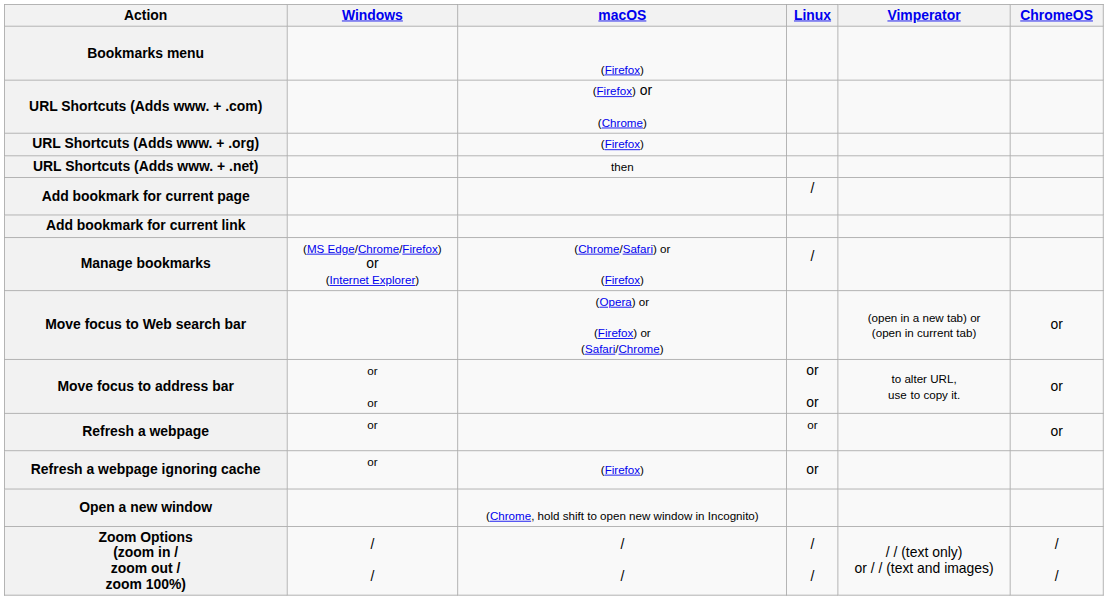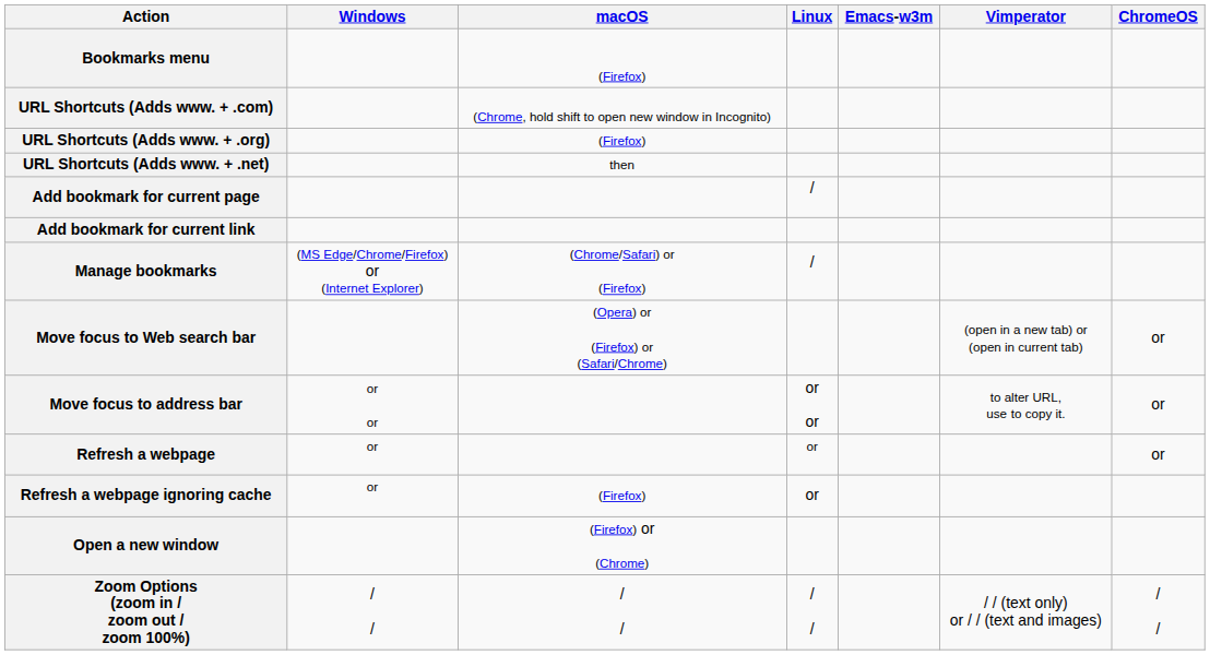 <table class="wikitable" style="width: 100%; text-align: center;">
 <tr>
 <th scope="col">Action</th>
 <th scope="col"><a href='#'>Windows</a></th>
 <th scope="col"><a href='#'>macOS</a></th>
 <th scope="col"><a href='#'>Linux</a></th>
+<th scope="col"><a href='#'>Emacs</a>-<a href='#'>w3m</a></th>
 <th scope="col"><a href='#'>Vimperator</a></th>
 <th scope="col"><a href='#'>ChromeOS</a></th>
 </tr>
 <tr>
 <th scope="row">Bookmarks menu</th>
 <td></td>
 <td><br><br><small>(<a href='#'>Firefox</a>)</small></td>
 <td></td>
 <td></td>
 <td></td>
+<td></td>
 </tr>
 <tr>
 <th scope="row">URL Shortcuts (Adds www. + .com)</th>
 <td></td>
-<td> <small>(<a href='#'>Firefox</a>)</small> or <br><br> <small>(<a href='#'>Chrome</a>)</small></td>
+<td><br> <small>(<a href='#'>Chrome</a>, hold shift to open new window in Incognito)</small></td>
+<td></td>
 <td></td>
 <td></td>
 <td></td>
 </tr>
 <tr>
 <th scope="row">URL Shortcuts (Adds www. + .org)</th>
 <td></td>
 <td><small></small> <small>(<a href='#'>Firefox</a>)</small></td>
 <td><small></small></td>
 <td></td>
 <td></td>
+<td></td>
 </tr>
 <tr>
 <th scope="row">URL Shortcuts (Adds www. + .net)</th>
 <td></td>
 <td><small> then </small></td>
+<td></td>
 <td></td>
 <td></td>
 <td></td>
 </tr>
 <tr>
 <th scope="row">Add bookmark for current page</th>
 <td></td>
 <td></td>
 <td> /<br><br></td>
 <td></td>
 <td></td>
+<td></td>
 </tr>
 <tr>
 <th scope="row">Add bookmark for current link</th>
+<td></td>
 <td></td>
 <td></td>
 <td></td>
 <td></td>
 <td></td>
 </tr>
 <tr>
 <th scope="row">Manage bookmarks</th>
 <td> <small>(<a href='#'>MS Edge</a>/<a href='#'>Chrome</a>/<a href='#'>Firefox</a>)</small><br>or<br> <small>(<a href='#'>Internet Explorer</a>)</small></td>
 <td><small></small> <small>(<a href='#'>Chrome</a>/<a href='#'>Safari</a>) or</small> <br><br><small></small> <small>(<a href='#'>Firefox</a>)</small></td>
 <td><small></small> /<br><br></td>
 <td></td>
 <td></td>
+<td></td>
 </tr>
 <tr>
 <th scope="row">Move focus to Web search bar</th>
 <td></td>
 <td> <small>(<a href='#'>Opera</a>) or</small> <br><br> <small>(<a href='#'>Firefox</a>) or</small> <br> <small></small> <small>(<a href='#'>Safari</a>/<a href='#'>Chrome</a>)</small></td>
+<td></td>
 <td></td>
 <td> <small>(open in a new tab) or</small><br>  <small>(open in current tab)</small></td>
 <td> or </td>
 </tr>
 <tr>
 <th scope="row">Move focus to address bar</th>
 <td> <small>or</small><br><br> <small>or</small> <br> </td>
 <td></td>
 <td> or <br><br> or <br> </td>
+<td></td>
 <td> <small>to alter URL,</small><br> <small>use</small>  <small>to copy it.</small></td>
 <td> or </td>
 </tr>
 <tr>
 <th scope="row">Refresh a webpage</th>
 <td> <small>or</small><br><br></td>
 <td></td>
 <td> <small>or</small><br><br></td>
+<td></td>
 <td></td>
 <td> or </td>
 </tr>
 <tr>
 <th scope="row">Refresh a webpage ignoring cache</th>
 <td> <small>or</small><br><br><small></small></td>
 <td> <small>(<a href='#'>Firefox</a>)</small></td>
 <td><small></small> or <small></small></td>
 <td></td>
 <td></td>
+<td></td>
 </tr>
 <tr>
 <th scope="row">Open a new window</th>
 <td></td>
-<td><br> <small>(<a href='#'>Chrome</a>, hold shift to open new window in Incognito)</small></td>
+<td> <small>(<a href='#'>Firefox</a>)</small> or <br><br> <small>(<a href='#'>Chrome</a>)</small></td>
+<td></td>
 <td></td>
 <td></td>
 <td></td>
 </tr>
 <tr>
 <th scope="row">Zoom Options<br> (zoom in /<br> zoom out /<br> zoom 100%)</th>
 <td> /<br><br> /<br> </td>
 <td> /<br><br> / <br> </td>
 <td> / <br><br> / <br> </td>
+<td></td>
 <td> /  /  (text only)<br>or  /  /  (text and images)</td>
 <td> /<br><br> /<br> </td>
 </tr>
 </table>
